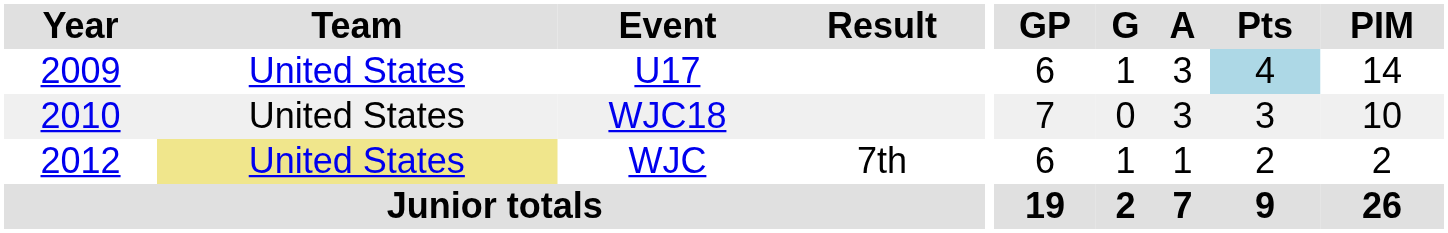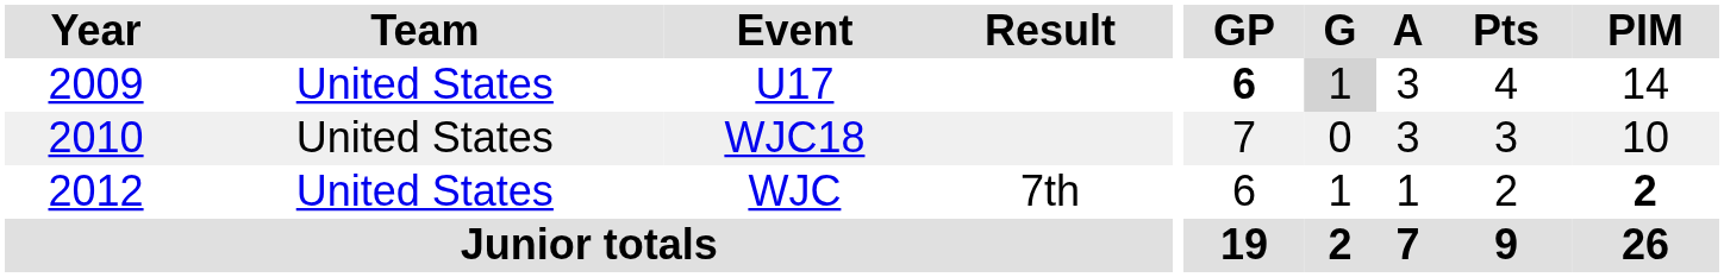 <table border="0" cellpadding="1" cellspacing="0" ID="Table3" style="text-align:center; width:40em">
 <tr ALIGN="center" bgcolor="#e0e0e0">
 <th>Year</th>
 <th>Team</th>
 <th>Event</th>
 <th>Result</th>
 <th rowspan="99" bgcolor="#ffffff"></th>
 <th>GP</th>
 <th>G</th>
 <th>A</th>
 <th>Pts</th>
 <th>PIM</th>
 </tr>
 <tr>
 <td><a href='#'>2009</a></td>
 <td><a href='#'>United States</a></td>
 <td><a href='#'>U17</a></td>
 <td></td>
-<td>6</td>
-<td>1</td>
+<td><strong>6</strong></td>
+<td style="background: lightgrey;">1</td>
 <td>3</td>
-<td style="background: lightblue;">4</td>
+<td>4</td>
 <td>14</td>
 </tr>
 <tr bgcolor="#f0f0f0">
 <td><a href='#'>2010</a></td>
 <td>United States</td>
 <td><a href='#'>WJC18</a></td>
 <td></td>
 <td>7</td>
 <td>0</td>
 <td>3</td>
 <td>3</td>
 <td>10</td>
 </tr>
 <tr>
 <td><a href='#'>2012</a></td>
-<td style="background: khaki;"><a href='#'>United States</a></td>
+<td><a href='#'>United States</a></td>
 <td><a href='#'>WJC</a></td>
 <td>7th</td>
 <td>6</td>
 <td>1</td>
 <td>1</td>
 <td>2</td>
-<td>2</td>
+<td><strong>2</strong></td>
 </tr>
 <tr bgcolor="#e0e0e0">
 <th colspan="4">Junior totals</th>
 <th>19</th>
 <th>2</th>
 <th>7</th>
 <th>9</th>
 <th>26</th>
 </tr>
 </table>
